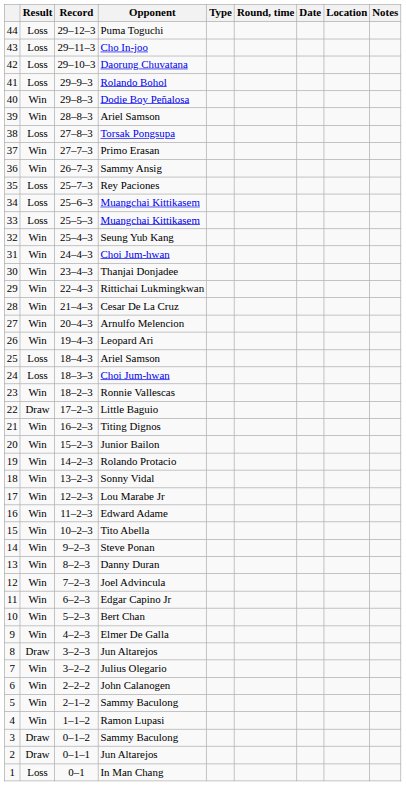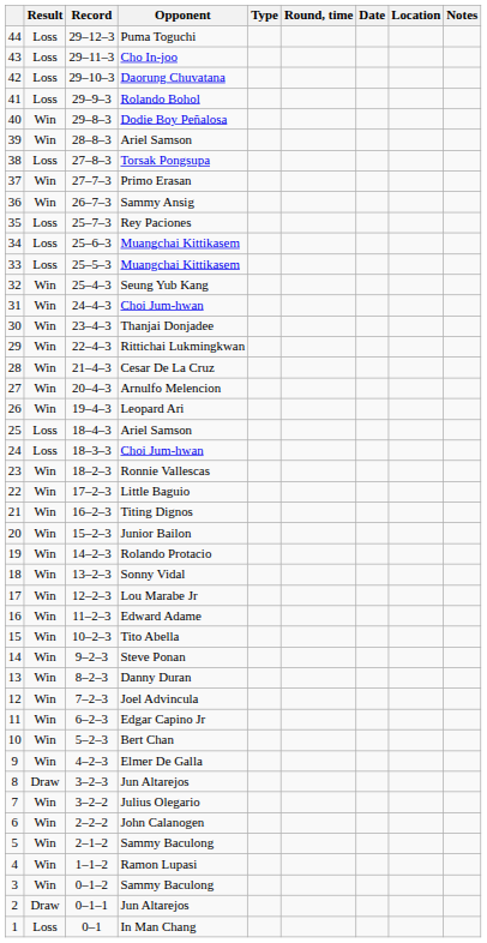 <table class="wikitable" style="text-align:center">
 <tr>
 <th></th>
 <th>Result</th>
 <th>Record</th>
 <th>Opponent</th>
 <th>Type</th>
 <th>Round, time</th>
 <th>Date</th>
 <th>Location</th>
 <th>Notes</th>
 </tr>
 <tr>
 <td>44</td>
 <td>Loss</td>
 <td>29–12–3</td>
 <td align=left>Puma Toguchi</td>
 <td></td>
 <td></td>
 <td></td>
 <td align=left></td>
 <td align=left></td>
 </tr>
 <tr>
 <td>43</td>
 <td>Loss</td>
 <td>29–11–3</td>
 <td align=left><a href='#'>Cho In-joo</a></td>
 <td></td>
 <td></td>
 <td></td>
 <td align=left></td>
 <td align=left></td>
 </tr>
 <tr>
 <td>42</td>
 <td>Loss</td>
 <td>29–10–3</td>
 <td align=left><a href='#'>Daorung Chuvatana</a></td>
 <td></td>
 <td></td>
 <td></td>
 <td align=left></td>
 <td align=left></td>
 </tr>
 <tr>
 <td>41</td>
 <td>Loss</td>
 <td>29–9–3</td>
 <td align=left><a href='#'>Rolando Bohol</a></td>
 <td></td>
 <td></td>
 <td></td>
 <td align=left></td>
 <td align=left></td>
 </tr>
 <tr>
 <td>40</td>
 <td>Win</td>
 <td>29–8–3</td>
 <td align=left><a href='#'>Dodie Boy Peñalosa</a></td>
 <td></td>
 <td></td>
 <td></td>
 <td align=left></td>
 <td align=left></td>
 </tr>
 <tr>
 <td>39</td>
 <td>Win</td>
 <td>28–8–3</td>
 <td align=left>Ariel Samson</td>
 <td></td>
 <td></td>
 <td></td>
 <td align=left></td>
 <td align=left></td>
 </tr>
 <tr>
 <td>38</td>
 <td>Loss</td>
 <td>27–8–3</td>
 <td align=left><a href='#'>Torsak Pongsupa</a></td>
 <td></td>
 <td></td>
 <td></td>
 <td align=left></td>
 <td align=left></td>
 </tr>
 <tr>
 <td>37</td>
 <td>Win</td>
 <td>27–7–3</td>
 <td align=left>Primo Erasan</td>
 <td></td>
 <td></td>
 <td></td>
 <td align=left></td>
 <td align=left></td>
 </tr>
 <tr>
 <td>36</td>
 <td>Win</td>
 <td>26–7–3</td>
 <td align=left>Sammy Ansig</td>
 <td></td>
 <td></td>
 <td></td>
 <td align=left></td>
 <td align=left></td>
 </tr>
 <tr>
 <td>35</td>
 <td>Loss</td>
 <td>25–7–3</td>
 <td align=left>Rey Paciones</td>
 <td></td>
 <td></td>
 <td></td>
 <td align=left></td>
 <td align=left></td>
 </tr>
 <tr>
 <td>34</td>
 <td>Loss</td>
 <td>25–6–3</td>
 <td align=left><a href='#'>Muangchai Kittikasem</a></td>
 <td></td>
 <td></td>
 <td></td>
 <td align=left></td>
 <td align=left></td>
 </tr>
 <tr>
 <td>33</td>
 <td>Loss</td>
 <td>25–5–3</td>
 <td align=left><a href='#'>Muangchai Kittikasem</a></td>
 <td></td>
 <td></td>
 <td></td>
 <td align=left></td>
 <td align=left></td>
 </tr>
 <tr>
 <td>32</td>
 <td>Win</td>
 <td>25–4–3</td>
 <td align=left>Seung Yub Kang</td>
 <td></td>
 <td></td>
 <td></td>
 <td align=left></td>
 <td align=left></td>
 </tr>
 <tr>
 <td>31</td>
 <td>Win</td>
 <td>24–4–3</td>
 <td align=left><a href='#'>Choi Jum-hwan</a></td>
 <td></td>
 <td></td>
 <td></td>
 <td align=left></td>
 <td align=left></td>
 </tr>
 <tr>
 <td>30</td>
 <td>Win</td>
 <td>23–4–3</td>
 <td align=left>Thanjai Donjadee</td>
 <td></td>
 <td></td>
 <td></td>
 <td align=left></td>
 <td align=left></td>
 </tr>
 <tr>
 <td>29</td>
 <td>Win</td>
 <td>22–4–3</td>
 <td align=left>Rittichai Lukmingkwan</td>
 <td></td>
 <td></td>
 <td></td>
 <td align=left></td>
 <td align=left></td>
 </tr>
 <tr>
 <td>28</td>
 <td>Win</td>
 <td>21–4–3</td>
 <td align=left>Cesar De La Cruz</td>
 <td></td>
 <td></td>
 <td></td>
 <td align=left></td>
 <td align=left></td>
 </tr>
 <tr>
 <td>27</td>
 <td>Win</td>
 <td>20–4–3</td>
 <td align=left>Arnulfo Melencion</td>
 <td></td>
 <td></td>
 <td></td>
 <td align=left></td>
 <td align=left></td>
 </tr>
 <tr>
 <td>26</td>
 <td>Win</td>
 <td>19–4–3</td>
 <td align=left>Leopard Ari</td>
 <td></td>
 <td></td>
 <td></td>
 <td align=left></td>
 <td align=left></td>
 </tr>
 <tr>
 <td>25</td>
 <td>Loss</td>
 <td>18–4–3</td>
 <td align=left>Ariel Samson</td>
 <td></td>
 <td></td>
 <td></td>
 <td align=left></td>
 <td align=left></td>
 </tr>
 <tr>
 <td>24</td>
 <td>Loss</td>
 <td>18–3–3</td>
 <td align=left><a href='#'>Choi Jum-hwan</a></td>
 <td></td>
 <td></td>
 <td></td>
 <td align=left></td>
 <td align=left></td>
 </tr>
 <tr>
 <td>23</td>
 <td>Win</td>
 <td>18–2–3</td>
 <td align=left>Ronnie Vallescas</td>
 <td></td>
 <td></td>
 <td></td>
 <td align=left></td>
 <td align=left></td>
 </tr>
 <tr>
 <td>22</td>
-<td>Draw</td>
+<td>Win</td>
 <td>17–2–3</td>
 <td align=left>Little Baguio</td>
 <td></td>
 <td></td>
 <td></td>
 <td align=left></td>
 <td align=left></td>
 </tr>
 <tr>
 <td>21</td>
 <td>Win</td>
 <td>16–2–3</td>
 <td align=left>Titing Dignos</td>
 <td></td>
 <td></td>
 <td></td>
 <td align=left></td>
 <td align=left></td>
 </tr>
 <tr>
 <td>20</td>
 <td>Win</td>
 <td>15–2–3</td>
 <td align=left>Junior Bailon</td>
 <td></td>
 <td></td>
 <td></td>
 <td align=left></td>
 <td align=left></td>
 </tr>
 <tr>
 <td>19</td>
 <td>Win</td>
 <td>14–2–3</td>
 <td align=left>Rolando Protacio</td>
 <td></td>
 <td></td>
 <td></td>
 <td align=left></td>
 <td align=left></td>
 </tr>
 <tr>
 <td>18</td>
 <td>Win</td>
 <td>13–2–3</td>
 <td align=left>Sonny Vidal</td>
 <td></td>
 <td></td>
 <td></td>
 <td align=left></td>
 <td align=left></td>
 </tr>
 <tr>
 <td>17</td>
 <td>Win</td>
 <td>12–2–3</td>
 <td align=left>Lou Marabe Jr</td>
 <td></td>
 <td></td>
 <td></td>
 <td align=left></td>
 <td align=left></td>
 </tr>
 <tr>
 <td>16</td>
 <td>Win</td>
 <td>11–2–3</td>
 <td align=left>Edward Adame</td>
 <td></td>
 <td></td>
 <td></td>
 <td align=left></td>
 <td align=left></td>
 </tr>
 <tr>
 <td>15</td>
 <td>Win</td>
 <td>10–2–3</td>
 <td align=left>Tito Abella</td>
 <td></td>
 <td></td>
 <td></td>
 <td align=left></td>
 <td align=left></td>
 </tr>
 <tr>
 <td>14</td>
 <td>Win</td>
 <td>9–2–3</td>
 <td align=left>Steve Ponan</td>
 <td></td>
 <td></td>
 <td></td>
 <td align=left></td>
 <td align=left></td>
 </tr>
 <tr>
 <td>13</td>
 <td>Win</td>
 <td>8–2–3</td>
 <td align=left>Danny Duran</td>
 <td></td>
 <td></td>
 <td></td>
 <td align=left></td>
 <td align=left></td>
 </tr>
 <tr>
 <td>12</td>
 <td>Win</td>
 <td>7–2–3</td>
 <td align=left>Joel Advincula</td>
 <td></td>
 <td></td>
 <td></td>
 <td align=left></td>
 <td align=left></td>
 </tr>
 <tr>
 <td>11</td>
 <td>Win</td>
 <td>6–2–3</td>
 <td align=left>Edgar Capino Jr</td>
 <td></td>
 <td></td>
 <td></td>
 <td align=left></td>
 <td align=left></td>
 </tr>
 <tr>
 <td>10</td>
 <td>Win</td>
 <td>5–2–3</td>
 <td align=left>Bert Chan</td>
 <td></td>
 <td></td>
 <td></td>
 <td align=left></td>
 <td align=left></td>
 </tr>
 <tr>
 <td>9</td>
 <td>Win</td>
 <td>4–2–3</td>
 <td align=left>Elmer De Galla</td>
 <td></td>
 <td></td>
 <td></td>
 <td align=left></td>
 <td align=left></td>
 </tr>
 <tr>
 <td>8</td>
 <td>Draw</td>
 <td>3–2–3</td>
 <td align=left>Jun Altarejos</td>
 <td></td>
 <td></td>
 <td></td>
 <td align=left></td>
 <td align=left></td>
 </tr>
 <tr>
 <td>7</td>
 <td>Win</td>
 <td>3–2–2</td>
 <td align=left>Julius Olegario</td>
 <td></td>
 <td></td>
 <td></td>
 <td align=left></td>
 <td align=left></td>
 </tr>
 <tr>
 <td>6</td>
 <td>Win</td>
 <td>2–2–2</td>
 <td align=left>John Calanogen</td>
 <td></td>
 <td></td>
 <td></td>
 <td align=left></td>
 <td align=left></td>
 </tr>
 <tr>
 <td>5</td>
 <td>Win</td>
 <td>2–1–2</td>
 <td align=left>Sammy Baculong</td>
 <td></td>
 <td></td>
 <td></td>
 <td align=left></td>
 <td align=left></td>
 </tr>
 <tr>
 <td>4</td>
 <td>Win</td>
 <td>1–1–2</td>
 <td align=left>Ramon Lupasi</td>
 <td></td>
 <td></td>
 <td></td>
 <td align=left></td>
 <td align=left></td>
 </tr>
 <tr>
 <td>3</td>
-<td>Draw</td>
+<td>Win</td>
 <td>0–1–2</td>
 <td align=left>Sammy Baculong</td>
 <td></td>
 <td></td>
 <td></td>
 <td align=left></td>
 <td align=left></td>
 </tr>
 <tr>
 <td>2</td>
 <td>Draw</td>
 <td>0–1–1</td>
 <td align=left>Jun Altarejos</td>
 <td></td>
 <td></td>
 <td></td>
 <td align=left></td>
 <td align=left></td>
 </tr>
 <tr>
 <td>1</td>
 <td>Loss</td>
 <td>0–1</td>
 <td align=left>In Man Chang</td>
 <td></td>
 <td></td>
 <td></td>
 <td align=left></td>
 <td align=left></td>
 </tr>
 </table>
